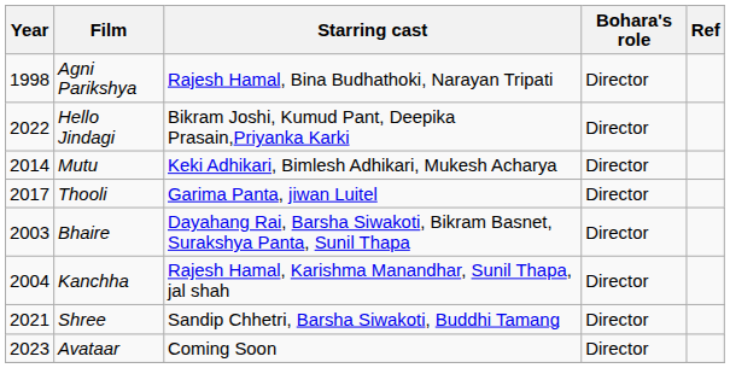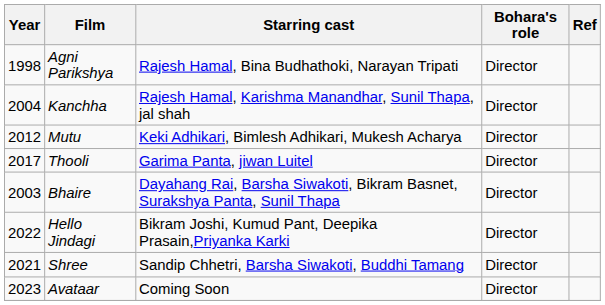 <table class="wikitable" style="font-size: 95%;">
 <tr>
 <th>Year</th>
 <th>Film</th>
 <th>Starring cast</th>
 <th>Bohara's role</th>
 <th>Ref</th>
 </tr>
 <tr --->
 <td>1998</td>
 <td><em>Agni Parikshya</em></td>
 <td><a href='#'>Rajesh Hamal</a>, Bina Budhathoki, Narayan Tripati</td>
 <td>Director</td>
 </tr>
 <tr --->
-<td>2022</td>
-<td><em>Hello Jindagi</em></td>
-<td>Bikram Joshi, Kumud Pant, Deepika Prasain,<a href='#'>Priyanka Karki</a></td>
+<td>2004</td>
+<td><em>Kanchha</em></td>
+<td><a href='#'>Rajesh Hamal</a>, <a href='#'>Karishma Manandhar</a>, <a href='#'>Sunil Thapa</a>, jal shah</td>
 <td>Director</td>
 <td></td>
 </tr>
 <tr --->
-<td>2014</td>
+<td>2012</td>
 <td><em>Mutu</em></td>
 <td><a href='#'>Keki Adhikari</a>, Bimlesh Adhikari, Mukesh Acharya</td>
 <td>Director</td>
 <td></td>
 </tr>
 <tr --->
 <td>2017</td>
 <td><em>Thooli</em></td>
 <td><a href='#'>Garima Panta</a>, <a href='#'>jiwan Luitel</a></td>
 <td>Director</td>
 </tr>
 <tr --->
 <td>2003</td>
 <td><em>Bhaire</em></td>
 <td><a href='#'>Dayahang Rai</a>, <a href='#'>Barsha Siwakoti</a>, Bikram Basnet, <a href='#'>Surakshya Panta</a>, <a href='#'>Sunil Thapa</a></td>
 <td>Director</td>
 <td></td>
 </tr>
 <tr --->
-<td>2004</td>
-<td><em>Kanchha</em></td>
-<td><a href='#'>Rajesh Hamal</a>, <a href='#'>Karishma Manandhar</a>, <a href='#'>Sunil Thapa</a>, jal shah</td>
+<td>2022</td>
+<td><em>Hello Jindagi</em></td>
+<td>Bikram Joshi, Kumud Pant, Deepika Prasain,<a href='#'>Priyanka Karki</a></td>
 <td>Director</td>
 <td></td>
 </tr>
 <tr --->
 <td>2021</td>
 <td><em>Shree</em></td>
 <td>Sandip Chhetri, <a href='#'>Barsha Siwakoti</a>, <a href='#'>Buddhi Tamang</a></td>
 <td>Director</td>
 </tr>
 <tr --->
 <td>2023</td>
 <td><em>Avataar</em></td>
 <td>Coming Soon</td>
 <td>Director</td>
 <td></td>
 </tr>
 <tr --->
 </tr>
 </table>
